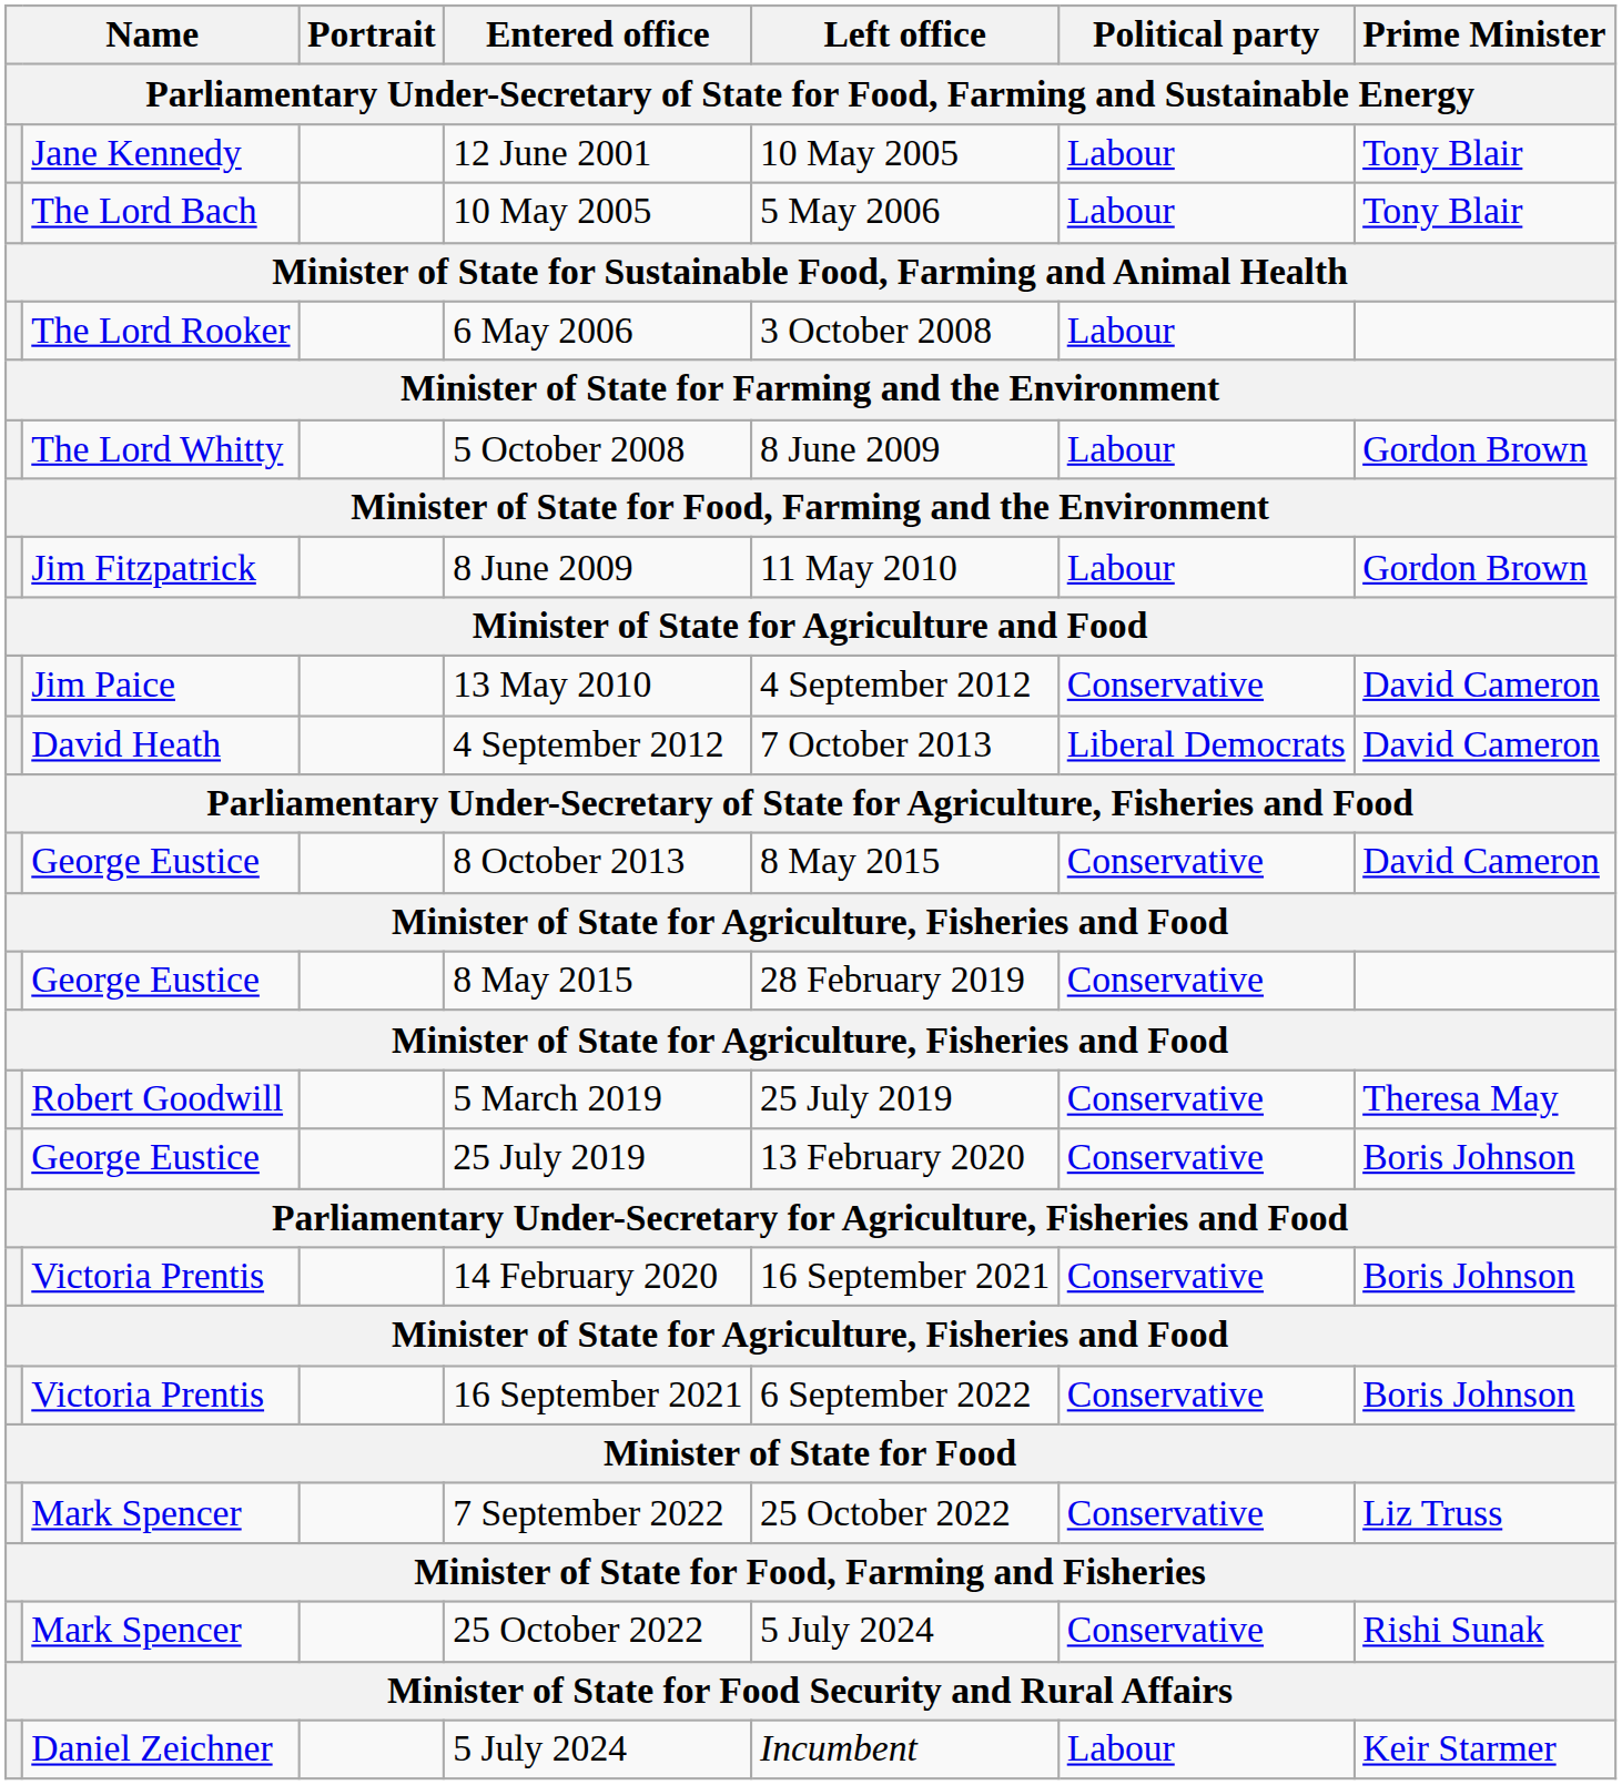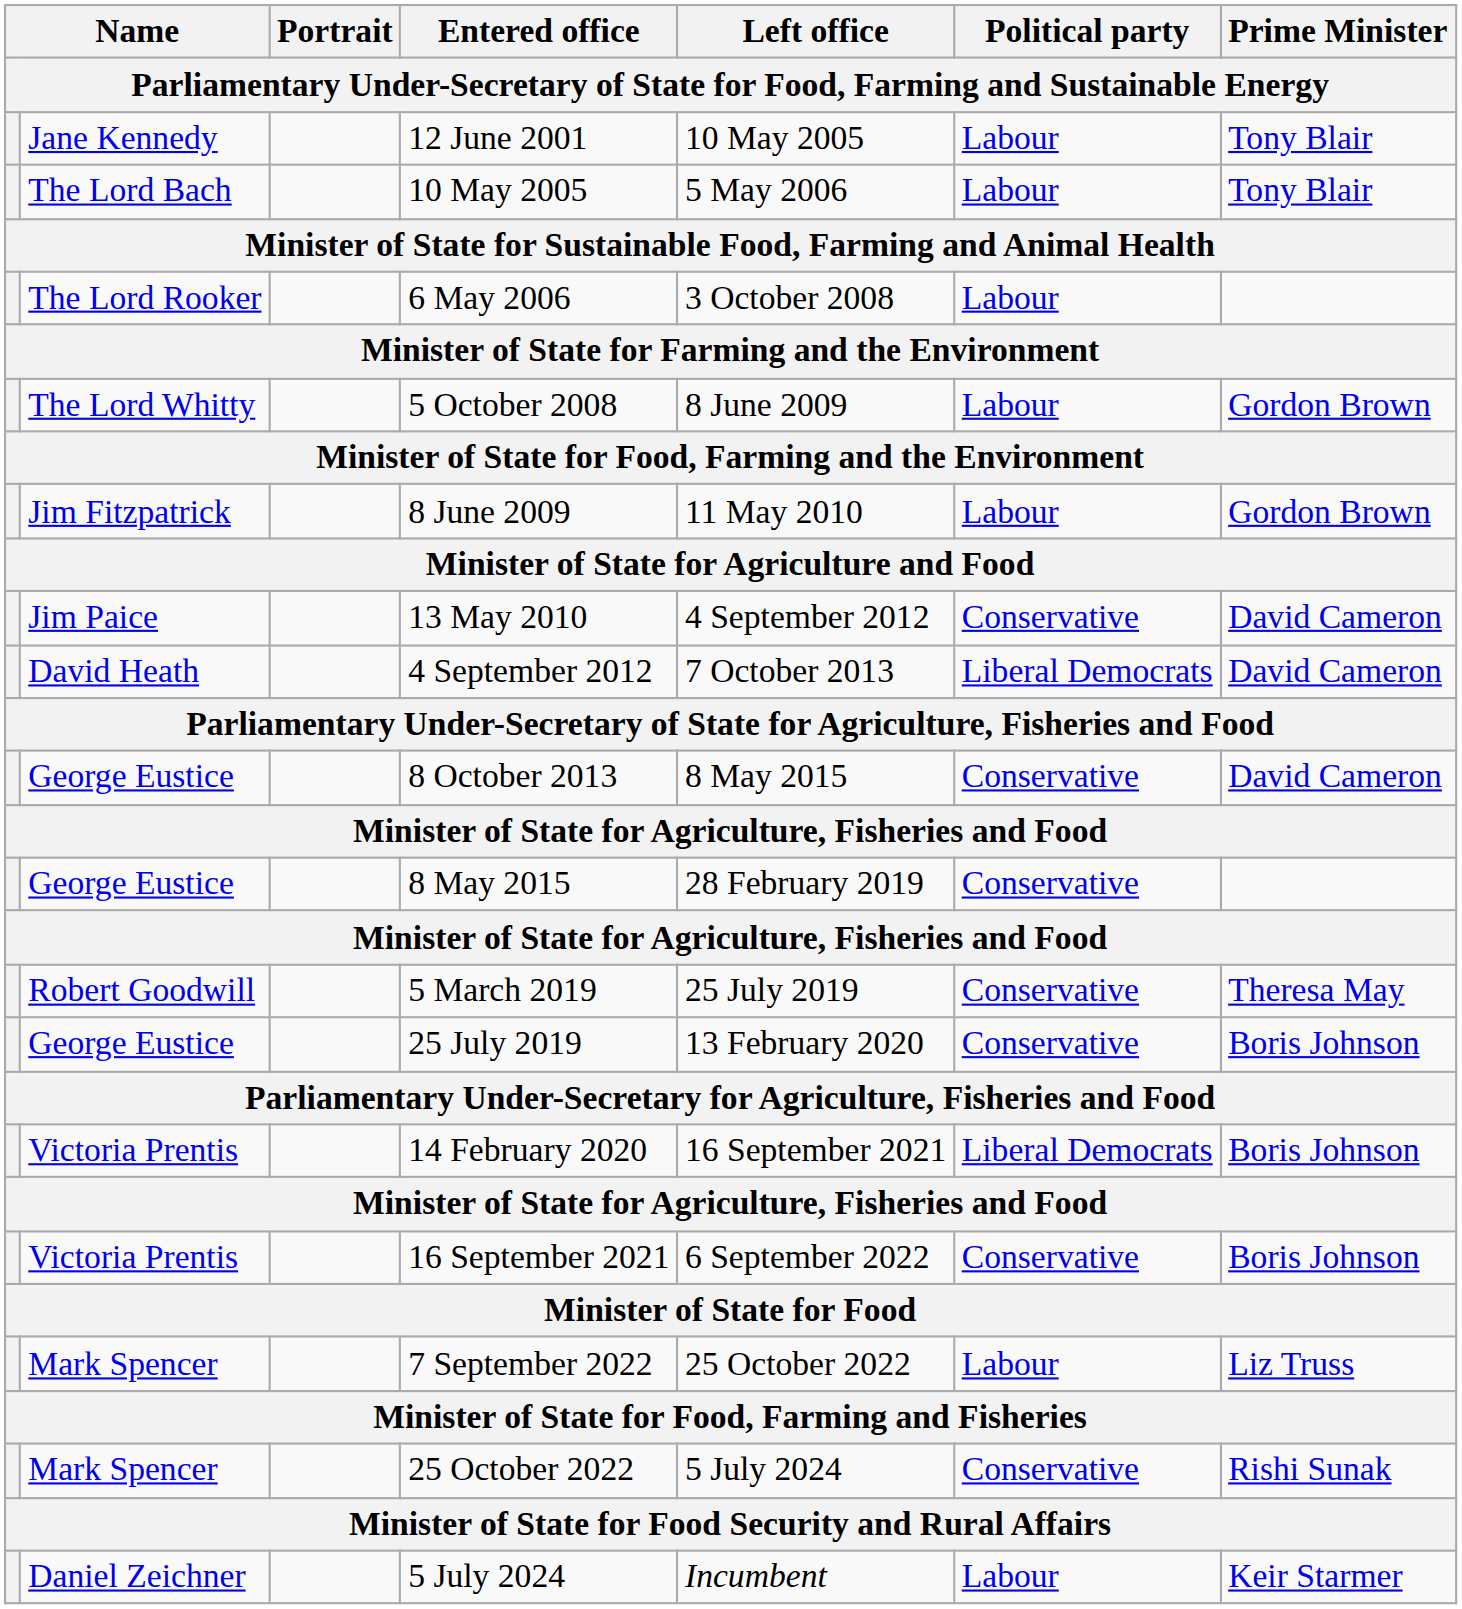 <table class="wikitable">
 <tr>
 <th colspan=2>Name</th>
 <th>Portrait</th>
 <th>Entered office</th>
 <th>Left office</th>
 <th>Political party</th>
 <th>Prime Minister</th>
 </tr>
 <tr>
 <th colspan=7>Parliamentary Under-Secretary of State for Food, Farming and Sustainable Energy</th>
 </tr>
 <tr>
 <th style="background-color: "></th>
 <td><a href='#'>Jane Kennedy</a></td>
 <td></td>
 <td>12 June 2001</td>
 <td>10 May 2005</td>
 <td><a href='#'>Labour</a></td>
 <td><a href='#'>Tony Blair</a></td>
 </tr>
 <tr>
 <th style="background-color: "></th>
 <td><a href='#'>The Lord Bach</a></td>
 <td></td>
 <td>10 May 2005</td>
 <td>5 May 2006</td>
 <td><a href='#'>Labour</a></td>
 <td><a href='#'>Tony Blair</a></td>
 </tr>
 <tr>
 <th colspan=7>Minister of State for Sustainable Food, Farming and Animal Health</th>
 </tr>
 <tr>
 <th style="background-color: "></th>
 <td><a href='#'>The Lord Rooker</a></td>
 <td></td>
 <td>6 May 2006</td>
 <td>3 October 2008</td>
 <td><a href='#'>Labour</a></td>
 <td></td>
 </tr>
 <tr>
 <th colspan=7>Minister of State for Farming and the Environment</th>
 </tr>
 <tr>
 <th style="background-color: "></th>
 <td><a href='#'>The Lord Whitty</a></td>
 <td></td>
 <td>5 October 2008</td>
 <td>8 June 2009</td>
 <td><a href='#'>Labour</a></td>
 <td><a href='#'>Gordon Brown</a></td>
 </tr>
 <tr>
 <th colspan=7>Minister of State for Food, Farming and the Environment</th>
 </tr>
 <tr>
 <th style="background-color: "></th>
 <td><a href='#'>Jim Fitzpatrick</a></td>
 <td></td>
 <td>8 June 2009</td>
 <td>11 May 2010</td>
 <td><a href='#'>Labour</a></td>
 <td><a href='#'>Gordon Brown</a></td>
 </tr>
 <tr>
 <th colspan=7>Minister of State for Agriculture and Food</th>
 </tr>
 <tr>
 <th style="background-color: "></th>
 <td><a href='#'>Jim Paice</a></td>
 <td></td>
 <td>13 May 2010</td>
 <td>4 September 2012</td>
 <td><a href='#'>Conservative</a></td>
 <td><a href='#'>David Cameron</a></td>
 </tr>
 <tr>
 <th style="background-color: "></th>
 <td><a href='#'>David Heath</a></td>
 <td></td>
 <td>4 September 2012</td>
 <td>7 October 2013</td>
 <td><a href='#'>Liberal Democrats</a></td>
 <td><a href='#'>David Cameron</a></td>
 </tr>
 <tr>
 <th colspan=7>Parliamentary Under-Secretary of State for Agriculture, Fisheries and Food</th>
 </tr>
 <tr>
 <th style="background-color: "></th>
 <td><a href='#'>George Eustice</a></td>
 <td></td>
 <td>8 October 2013</td>
 <td>8 May 2015</td>
 <td><a href='#'>Conservative</a></td>
 <td><a href='#'>David Cameron</a></td>
 </tr>
 <tr>
 <th colspan=7>Minister of State for Agriculture, Fisheries and Food</th>
 </tr>
 <tr>
 <th style="background-color: "></th>
 <td><a href='#'>George Eustice</a></td>
 <td></td>
 <td>8 May 2015</td>
 <td>28 February 2019</td>
 <td><a href='#'>Conservative</a></td>
 <td></td>
 </tr>
 <tr>
 <th colspan=7>Minister of State for Agriculture, Fisheries and Food</th>
 </tr>
 <tr>
 <th style="background-color: "></th>
 <td><a href='#'>Robert Goodwill</a></td>
 <td></td>
 <td>5 March 2019</td>
 <td>25 July 2019</td>
 <td><a href='#'>Conservative</a></td>
 <td><a href='#'>Theresa May</a></td>
 </tr>
 <tr>
 <th style="background-color: "></th>
 <td><a href='#'>George Eustice</a></td>
 <td></td>
 <td>25 July 2019</td>
 <td>13 February 2020</td>
 <td><a href='#'>Conservative</a></td>
 <td><a href='#'>Boris Johnson</a></td>
 </tr>
 <tr>
 <th colspan=7>Parliamentary Under-Secretary for Agriculture, Fisheries and Food</th>
 </tr>
 <tr>
 <th style="background-color: "></th>
 <td><a href='#'>Victoria Prentis</a></td>
 <td></td>
 <td>14 February 2020</td>
 <td>16 September 2021</td>
-<td><a href='#'>Conservative</a></td>
+<td><a href='#'>Liberal Democrats</a></td>
 <td><a href='#'>Boris Johnson</a></td>
 </tr>
 <tr>
 <th colspan=7>Minister of State for Agriculture, Fisheries and Food</th>
 </tr>
 <tr>
 <th style="background-color: "></th>
 <td><a href='#'>Victoria Prentis</a></td>
 <td></td>
 <td>16 September 2021</td>
 <td>6 September 2022</td>
 <td><a href='#'>Conservative</a></td>
 <td><a href='#'>Boris Johnson</a></td>
 </tr>
 <tr>
 <th colspan=7>Minister of State for Food</th>
 </tr>
 <tr>
 <th style="background-color: "></th>
 <td><a href='#'>Mark Spencer</a></td>
 <td></td>
 <td>7 September 2022</td>
 <td>25 October 2022</td>
-<td><a href='#'>Conservative</a></td>
+<td><a href='#'>Labour</a></td>
 <td><a href='#'>Liz Truss</a></td>
 </tr>
 <tr>
 <th colspan=7>Minister of State for Food, Farming and Fisheries</th>
 </tr>
 <tr>
 <th style="background-color: "></th>
 <td><a href='#'>Mark Spencer</a></td>
 <td></td>
 <td>25 October 2022</td>
 <td>5 July 2024</td>
 <td><a href='#'>Conservative</a></td>
 <td><a href='#'>Rishi Sunak</a></td>
 </tr>
 <tr>
 <th colspan=7>Minister of State for Food Security and Rural Affairs</th>
 </tr>
 <tr>
 <th style="background-color: "></th>
 <td><a href='#'>Daniel Zeichner</a></td>
 <td></td>
 <td>5 July 2024</td>
 <td><em>Incumbent</em></td>
 <td><a href='#'>Labour</a></td>
 <td><a href='#'>Keir Starmer</a></td>
 </tr>
 </table>
